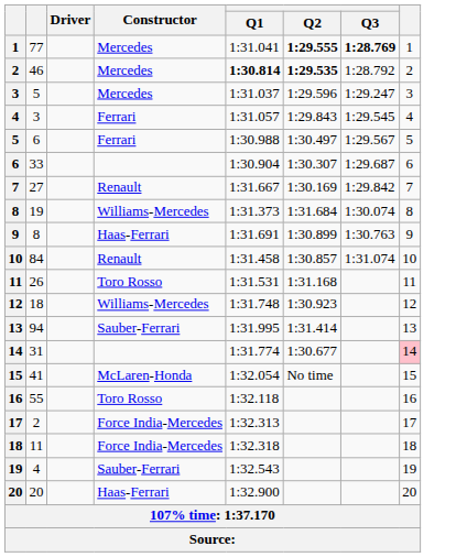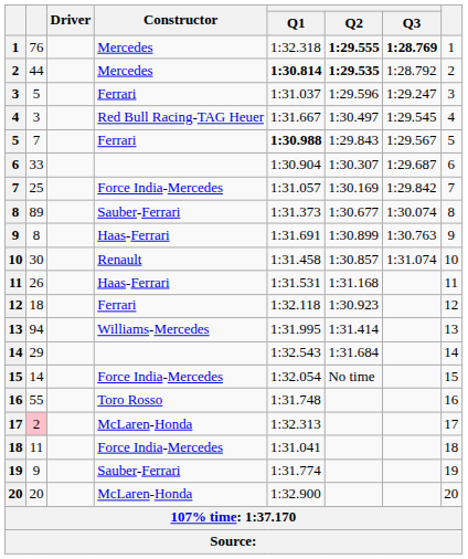 <table class="wikitable sortable" style="font-size:85%">
 <tr>
 <th rowspan="2"></th>
 <th rowspan="2"></th>
 <th rowspan="2">Driver</th>
 <th rowspan="2">Constructor</th>
 <th colspan="3"></th>
 <th rowspan="2"></th>
 </tr>
 <tr>
 <th>Q1</th>
 <th>Q2</th>
 <th>Q3</th>
 </tr>
 <tr>
 <th>1</th>
-<td align="center">77</td>
+<td align="center">76</td>
 <td></td>
 <td><a href='#'>Mercedes</a></td>
-<td>1:31.041</td>
+<td>1:32.318</td>
 <td><strong>1:29.555</strong></td>
 <td><strong>1:28.769</strong></td>
 <td align="center">1</td>
 </tr>
 <tr>
 <th>2</th>
-<td align="center">46</td>
+<td align="center">44</td>
 <td></td>
 <td><a href='#'>Mercedes</a></td>
 <td><strong>1:30.814</strong></td>
 <td><strong>1:29.535</strong></td>
 <td>1:28.792</td>
 <td align="center">2</td>
 </tr>
 <tr>
 <th>3</th>
 <td align="center">5</td>
 <td></td>
-<td><a href='#'>Mercedes</a></td>
+<td><a href='#'>Ferrari</a></td>
 <td>1:31.037</td>
 <td>1:29.596</td>
 <td>1:29.247</td>
 <td align="center">3</td>
 </tr>
 <tr>
 <th>4</th>
 <td align="center">3</td>
 <td></td>
-<td><a href='#'>Ferrari</a></td>
-<td>1:31.057</td>
-<td>1:29.843</td>
+<td><a href='#'>Red Bull Racing</a>-<a href='#'>TAG Heuer</a></td>
+<td>1:31.667</td>
+<td>1:30.497</td>
 <td>1:29.545</td>
 <td align="center">4</td>
 </tr>
 <tr>
 <th>5</th>
-<td align="center">6</td>
+<td align="center">7</td>
 <td></td>
 <td><a href='#'>Ferrari</a></td>
-<td>1:30.988</td>
-<td>1:30.497</td>
+<td><strong>1:30.988</strong></td>
+<td>1:29.843</td>
 <td>1:29.567</td>
 <td align="center">5</td>
 </tr>
 <tr>
 <th>6</th>
 <td align="center">33</td>
 <td></td>
 <td></td>
 <td>1:30.904</td>
 <td>1:30.307</td>
 <td>1:29.687</td>
 <td align="center">6</td>
 </tr>
 <tr>
 <th>7</th>
-<td align="center">27</td>
+<td align="center">25</td>
 <td></td>
-<td><a href='#'>Renault</a></td>
-<td>1:31.667</td>
+<td><a href='#'>Force India</a>-<a href='#'>Mercedes</a></td>
+<td>1:31.057</td>
 <td>1:30.169</td>
 <td>1:29.842</td>
 <td align="center">7</td>
 </tr>
 <tr>
 <th>8</th>
-<td align="center">19</td>
+<td align="center">89</td>
 <td></td>
-<td><a href='#'>Williams</a>-<a href='#'>Mercedes</a></td>
+<td><a href='#'>Sauber</a>-<a href='#'>Ferrari</a></td>
 <td>1:31.373</td>
-<td>1:31.684</td>
+<td>1:30.677</td>
 <td>1:30.074</td>
 <td align="center">8</td>
 </tr>
 <tr>
 <th>9</th>
 <td align="center">8</td>
 <td></td>
 <td><a href='#'>Haas</a>-<a href='#'>Ferrari</a></td>
 <td>1:31.691</td>
 <td>1:30.899</td>
 <td>1:30.763</td>
 <td align="center">9</td>
 </tr>
 <tr>
 <th>10</th>
-<td align="center">84</td>
+<td align="center">30</td>
 <td></td>
 <td><a href='#'>Renault</a></td>
 <td>1:31.458</td>
 <td>1:30.857</td>
 <td>1:31.074</td>
 <td align="center">10</td>
 </tr>
 <tr>
 <th>11</th>
 <td align="center">26</td>
 <td></td>
-<td><a href='#'>Toro Rosso</a></td>
+<td><a href='#'>Haas</a>-<a href='#'>Ferrari</a></td>
 <td>1:31.531</td>
 <td>1:31.168</td>
 <td></td>
 <td align="center">11</td>
 </tr>
 <tr>
 <th>12</th>
 <td align="center">18</td>
 <td></td>
-<td><a href='#'>Williams</a>-<a href='#'>Mercedes</a></td>
-<td>1:31.748</td>
+<td><a href='#'>Ferrari</a></td>
+<td>1:32.118</td>
 <td>1:30.923</td>
 <td></td>
 <td align="center">12</td>
 </tr>
 <tr>
 <th>13</th>
 <td align="center">94</td>
 <td></td>
-<td><a href='#'>Sauber</a>-<a href='#'>Ferrari</a></td>
+<td><a href='#'>Williams</a>-<a href='#'>Mercedes</a></td>
 <td>1:31.995</td>
 <td>1:31.414</td>
 <td></td>
 <td align="center">13</td>
 </tr>
 <tr>
 <th>14</th>
-<td align="center">31</td>
+<td align="center">29</td>
 <td></td>
 <td></td>
-<td>1:31.774</td>
-<td>1:30.677</td>
+<td>1:32.543</td>
+<td>1:31.684</td>
 <td></td>
-<td align="center" style="background: pink;">14</td>
+<td align="center">14</td>
 </tr>
 <tr>
 <th>15</th>
-<td align="center">41</td>
+<td align="center">14</td>
 <td></td>
-<td><a href='#'>McLaren</a>-<a href='#'>Honda</a></td>
+<td><a href='#'>Force India</a>-<a href='#'>Mercedes</a></td>
 <td>1:32.054</td>
 <td>No time</td>
 <td></td>
 <td align="center">15</td>
 </tr>
 <tr>
 <th>16</th>
 <td align="center">55</td>
 <td></td>
 <td><a href='#'>Toro Rosso</a></td>
-<td>1:32.118</td>
+<td>1:31.748</td>
 <td></td>
 <td></td>
 <td align="center">16</td>
 </tr>
 <tr>
 <th>17</th>
-<td align="center">2</td>
+<td align="center" style="background: pink;">2</td>
 <td></td>
-<td><a href='#'>Force India</a>-<a href='#'>Mercedes</a></td>
+<td><a href='#'>McLaren</a>-<a href='#'>Honda</a></td>
 <td>1:32.313</td>
 <td></td>
 <td></td>
 <td align="center">17</td>
 </tr>
 <tr>
 <th>18</th>
 <td align="center">11</td>
 <td></td>
 <td><a href='#'>Force India</a>-<a href='#'>Mercedes</a></td>
-<td>1:32.318</td>
+<td>1:31.041</td>
 <td></td>
 <td></td>
 <td align="center">18</td>
 </tr>
 <tr>
 <th>19</th>
-<td align="center">4</td>
+<td align="center">9</td>
 <td></td>
 <td><a href='#'>Sauber</a>-<a href='#'>Ferrari</a></td>
-<td>1:32.543</td>
+<td>1:31.774</td>
 <td></td>
 <td></td>
 <td align="center">19</td>
 </tr>
 <tr>
 <th>20</th>
 <td align="center">20</td>
 <td></td>
-<td><a href='#'>Haas</a>-<a href='#'>Ferrari</a></td>
+<td><a href='#'>McLaren</a>-<a href='#'>Honda</a></td>
 <td>1:32.900</td>
 <td></td>
 <td></td>
 <td align="center">20</td>
 </tr>
 <tr>
 <th colspan="8"><a href='#'>107% time</a>: 1:37.170</th>
 </tr>
 <tr>
 <th colspan=8>Source:</th>
 </tr>
 </table>
